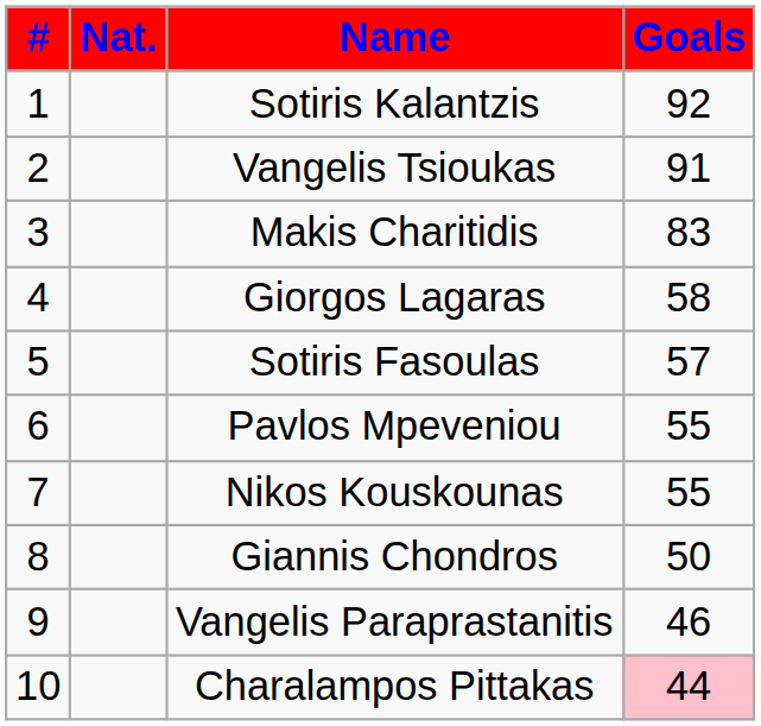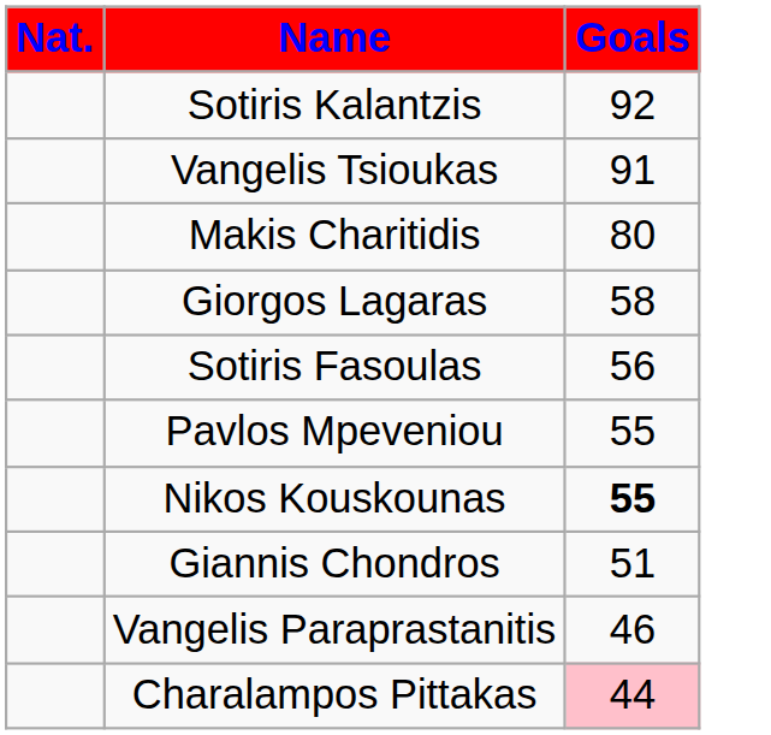 <table class="wikitable" style="text-align:center;display:inline-table;">
 <tr>
-<th style="color:blue; background:red;">#</th>
 <th style="color:blue; background:red;">Nat.</th>
 <th style="color:blue; background:red;">Name</th>
 <th style="color:blue; background:red;">Goals</th>
 </tr>
 <tr>
-<td>1</td>
 <td></td>
 <td>Sotiris Kalantzis</td>
 <td>92</td>
 </tr>
 <tr>
-<td>2</td>
 <td></td>
 <td>Vangelis Tsioukas</td>
 <td>91</td>
 </tr>
 <tr>
-<td>3</td>
 <td></td>
 <td>Makis Charitidis</td>
-<td>83</td>
+<td>80</td>
 </tr>
 <tr>
-<td>4</td>
 <td></td>
 <td>Giorgos Lagaras</td>
 <td>58</td>
 </tr>
 <tr>
-<td>5</td>
 <td></td>
 <td>Sotiris Fasoulas</td>
-<td>57</td>
+<td>56</td>
 </tr>
 <tr>
-<td>6</td>
 <td></td>
 <td>Pavlos Mpeveniou</td>
 <td>55</td>
 </tr>
 <tr>
-<td>7</td>
 <td></td>
 <td>Nikos Kouskounas</td>
-<td>55</td>
+<td><strong>55</strong></td>
 </tr>
 <tr>
-<td>8</td>
 <td></td>
 <td>Giannis Chondros</td>
-<td>50</td>
+<td>51</td>
 </tr>
 <tr>
-<td>9</td>
 <td></td>
 <td>Vangelis Paraprastanitis</td>
 <td>46</td>
 </tr>
 <tr>
-<td>10</td>
 <td></td>
 <td>Charalampos Pittakas</td>
 <td style="background: pink;">44</td>
 </tr>
 </table>
